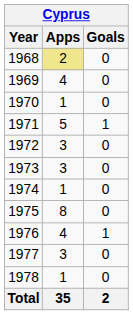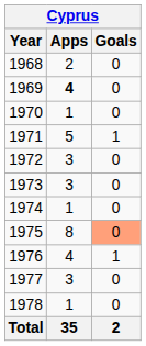 <table class="wikitable" style="text-align:center">
 <tr>
 <th colspan=3><a href='#'>Cyprus</a></th>
 </tr>
 <tr>
 <th>Year</th>
 <th>Apps</th>
 <th>Goals</th>
 </tr>
 <tr>
 <td>1968</td>
-<td style="background: khaki;">2</td>
+<td>2</td>
 <td>0</td>
 </tr>
 <tr>
 <td>1969</td>
-<td>4</td>
+<td><strong>4</strong></td>
 <td>0</td>
 </tr>
 <tr>
 <td>1970</td>
 <td>1</td>
 <td>0</td>
 </tr>
 <tr>
 <td>1971</td>
 <td>5</td>
 <td>1</td>
 </tr>
 <tr>
 <td>1972</td>
 <td>3</td>
 <td>0</td>
 </tr>
 <tr>
 <td>1973</td>
 <td>3</td>
 <td>0</td>
 </tr>
 <tr>
 <td>1974</td>
 <td>1</td>
 <td>0</td>
 </tr>
 <tr>
 <td>1975</td>
 <td>8</td>
-<td>0</td>
+<td style="background: lightsalmon;">0</td>
 </tr>
 <tr>
 <td>1976</td>
 <td>4</td>
 <td>1</td>
 </tr>
 <tr>
 <td>1977</td>
 <td>3</td>
 <td>0</td>
 </tr>
 <tr>
 <td>1978</td>
 <td>1</td>
 <td>0</td>
 </tr>
 <tr>
 <th>Total</th>
 <th>35</th>
 <th>2</th>
 </tr>
 </table>
